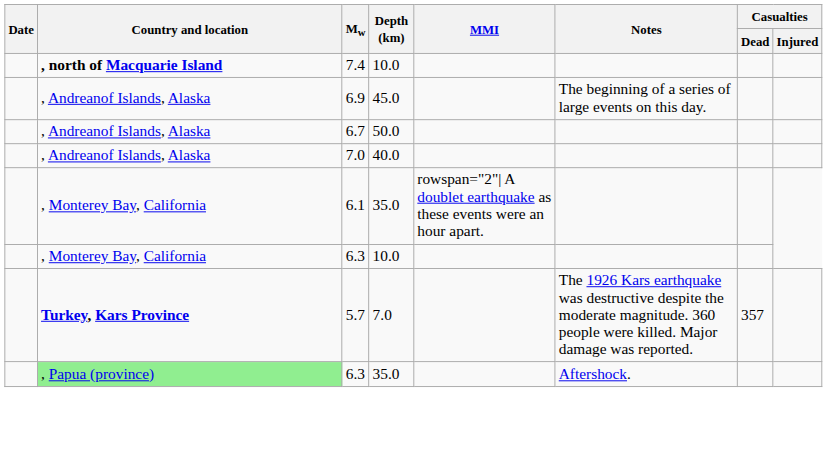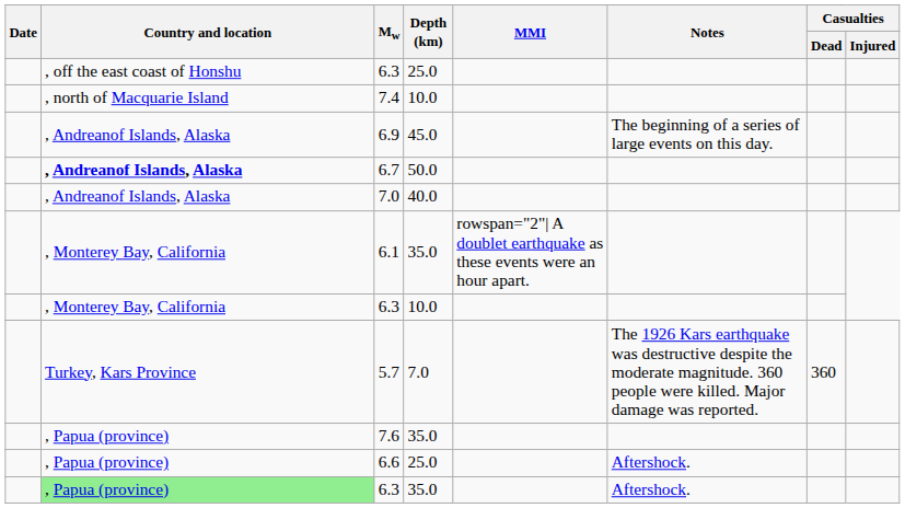 <table class="wikitable sortable sort-under" style="border:1px black; margin-left:1em;">
 <tr>
 <th rowspan="2"><small>Date</small></th>
 <th rowspan="2" style="width: 310px"><small>Country and location</small></th>
 <th rowspan="2"><small>M<sub>w</sub></small></th>
 <th rowspan="2"><small>Depth (km)</small></th>
 <th rowspan="2"><small><a href='#'>MMI</a></small></th>
 <th rowspan="2" class="unsortable"><small>Notes</small></th>
 <th colspan="2"><small>Casualties</small></th>
 </tr>
 <tr>
 <th><small>Dead</small></th>
 <th><small>Injured</small></th>
 </tr>
 <tr>
 <td></td>
-<td><strong>, north of <a href='#'>Macquarie Island</a></strong></td>
+<td>, off the east coast of <a href='#'>Honshu</a></td>
+<td>6.3</td>
+<td>25.0</td>
+<td></td>
+<td></td>
+<td></td>
+<td></td>
+</tr>
+<tr>
+<td></td>
+<td>, north of <a href='#'>Macquarie Island</a></td>
 <td>7.4</td>
 <td>10.0</td>
 <td></td>
 <td></td>
 <td></td>
 <td></td>
 </tr>
 <tr>
 <td></td>
 <td>, <a href='#'>Andreanof Islands</a>, <a href='#'>Alaska</a></td>
 <td>6.9</td>
 <td>45.0</td>
 <td></td>
 <td>The beginning of a series of large events on this day.</td>
 <td></td>
 <td></td>
 </tr>
 <tr>
 <td></td>
-<td>, <a href='#'>Andreanof Islands</a>, <a href='#'>Alaska</a></td>
+<td><strong>, <a href='#'>Andreanof Islands</a>, <a href='#'>Alaska</a></strong></td>
 <td>6.7</td>
 <td>50.0</td>
 <td></td>
 <td></td>
 <td></td>
 <td></td>
 </tr>
 <tr>
 <td></td>
 <td>, <a href='#'>Andreanof Islands</a>, <a href='#'>Alaska</a></td>
 <td>7.0</td>
 <td>40.0</td>
 <td></td>
 <td></td>
 <td></td>
 <td></td>
 </tr>
 <tr>
 <td></td>
 <td>, <a href='#'>Monterey Bay</a>, <a href='#'>California</a></td>
 <td>6.1</td>
 <td>35.0</td>
 <td>rowspan="2"| A <a href='#'>doublet earthquake</a> as these events were an hour apart.</td>
 <td></td>
 <td></td>
 </tr>
 <tr>
 <td></td>
 <td>, <a href='#'>Monterey Bay</a>, <a href='#'>California</a></td>
 <td>6.3</td>
 <td>10.0</td>
 <td></td>
 <td></td>
 <td></td>
 </tr>
 <tr>
 <td></td>
-<td><strong> <a href='#'>Turkey</a>, <a href='#'>Kars Province</a></strong></td>
+<td> <a href='#'>Turkey</a>, <a href='#'>Kars Province</a></td>
 <td>5.7</td>
 <td>7.0</td>
 <td></td>
 <td>The <a href='#'>1926 Kars earthquake</a> was destructive despite the moderate magnitude. 360 people were killed. Major damage was reported.</td>
-<td>357</td>
+<td>360</td>
+<td></td>
+</tr>
+<tr>
+<td></td>
+<td>, <a href='#'>Papua (province)</a></td>
+<td>7.6</td>
+<td>35.0</td>
+<td></td>
+<td></td>
+<td></td>
+<td></td>
+</tr>
+<tr>
+<td></td>
+<td>, <a href='#'>Papua (province)</a></td>
+<td>6.6</td>
+<td>25.0</td>
+<td></td>
+<td><a href='#'>Aftershock</a>.</td>
+<td></td>
 <td></td>
 </tr>
 <tr>
 <td></td>
 <td style="background: lightgreen;">, <a href='#'>Papua (province)</a></td>
 <td>6.3</td>
 <td>35.0</td>
 <td></td>
 <td><a href='#'>Aftershock</a>.</td>
 <td></td>
 <td></td>
 </tr>
 </table>
